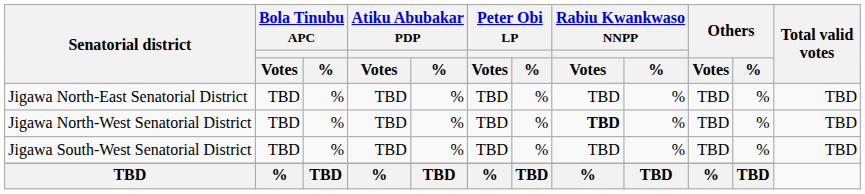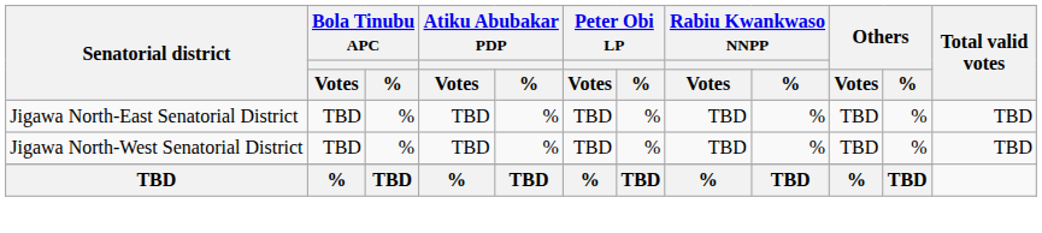 <table class="wikitable sortable" style="text-align:right; font-size:90%">
 <tr>
 <th rowspan="3" style="max-width:7.5em;">Senatorial district</th>
 <th colspan="2"><a href='#'>Bola Tinubu</a><br><small>APC</small></th>
 <th colspan="2"><a href='#'>Atiku Abubakar</a><br><small>PDP</small></th>
 <th colspan="2"><a href='#'>Peter Obi</a><br><small>LP</small></th>
 <th colspan="2"><a href='#'>Rabiu Kwankwaso</a><br><small>NNPP</small></th>
 <th colspan="2" rowspan="2">Others</th>
 <th rowspan="3" style="max-width:5em;">Total valid votes</th>
 </tr>
 <tr>
 <th colspan=2 style="background-color:"></th>
 <th colspan=2 style="background-color:"></th>
 <th colspan=2 style="background-color:"></th>
 <th colspan=2 style="background-color:"></th>
 </tr>
 <tr>
 <th>Votes</th>
 <th>%</th>
 <th>Votes</th>
 <th>%</th>
 <th>Votes</th>
 <th>%</th>
 <th>Votes</th>
 <th>%</th>
 <th>Votes</th>
 <th>%</th>
 </tr>
 <tr style="background-color:#">
 <td style="text-align:left;">Jigawa North-East Senatorial District</td>
 <td>TBD</td>
 <td>%</td>
 <td>TBD</td>
 <td>%</td>
 <td>TBD</td>
 <td>%</td>
 <td>TBD</td>
 <td>%</td>
 <td>TBD</td>
 <td>%</td>
 <td>TBD</td>
 </tr>
 <tr style="background-color:#">
 <td style="text-align:left;">Jigawa North-West Senatorial District</td>
 <td>TBD</td>
 <td>%</td>
 <td>TBD</td>
 <td>%</td>
 <td>TBD</td>
 <td>%</td>
-<td><strong>TBD</strong></td>
-<td>%</td>
-<td>TBD</td>
-<td>%</td>
-<td>TBD</td>
-</tr>
-<tr style="background-color:#">
-<td style="text-align:left;">Jigawa South-West Senatorial District</td>
-<td>TBD</td>
-<td>%</td>
-<td>TBD</td>
-<td>%</td>
-<td>TBD</td>
-<td>%</td>
 <td>TBD</td>
 <td>%</td>
 <td>TBD</td>
 <td>%</td>
 <td>TBD</td>
 </tr>
 <tr>
 </tr>
 <tr>
 <th>TBD</th>
 <th>%</th>
 <th>TBD</th>
 <th>%</th>
 <th>TBD</th>
 <th>%</th>
 <th>TBD</th>
 <th>%</th>
 <th>TBD</th>
 <th>%</th>
 <th>TBD</th>
 </tr>
 </table>
